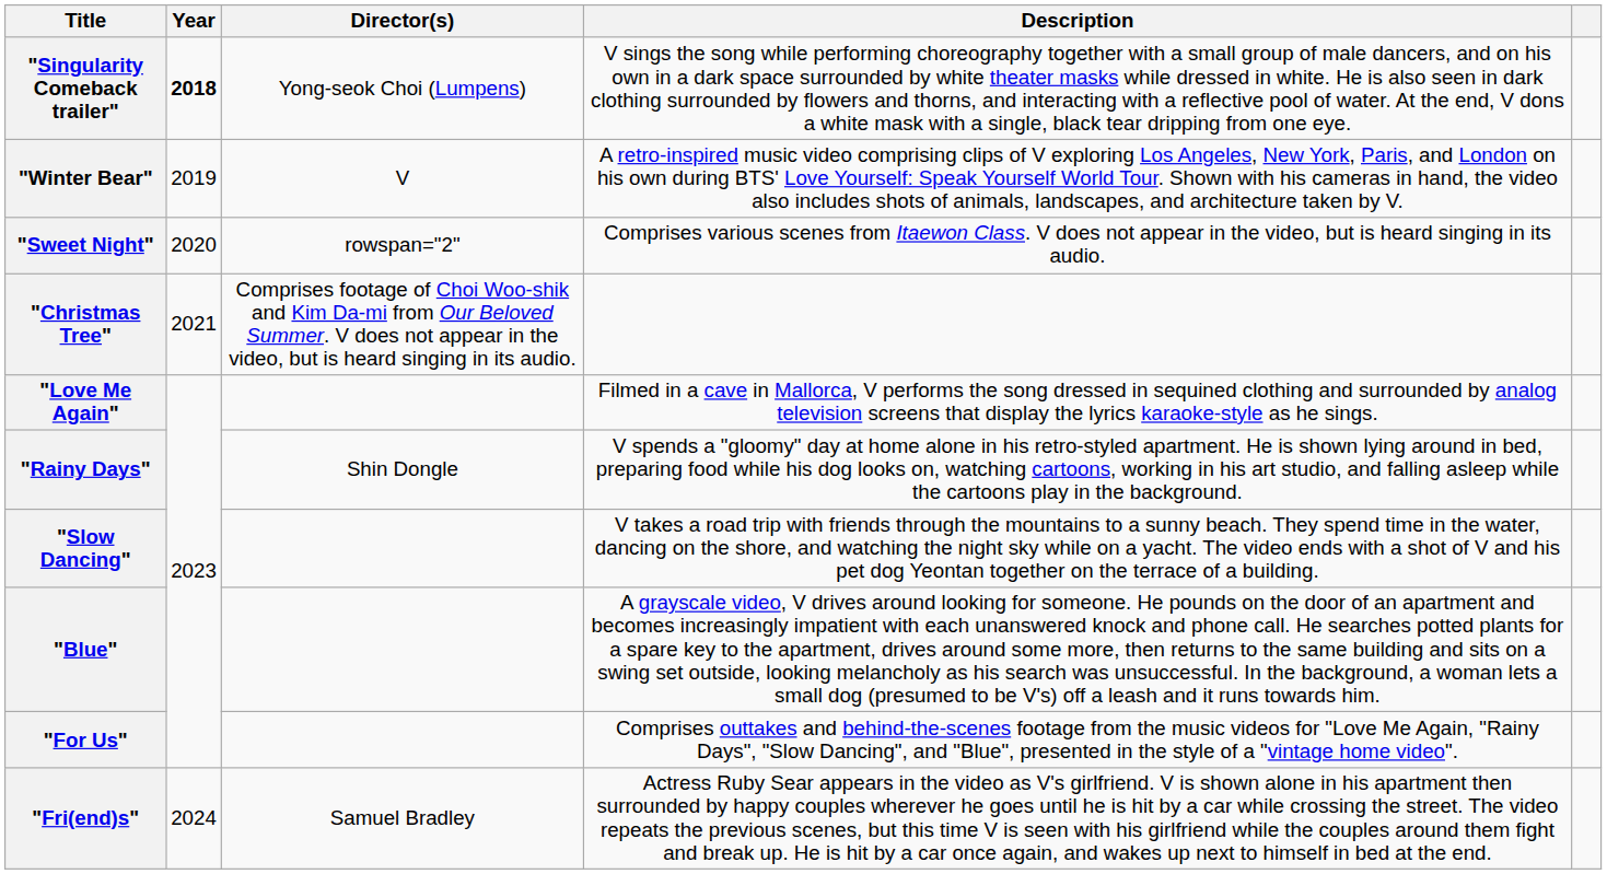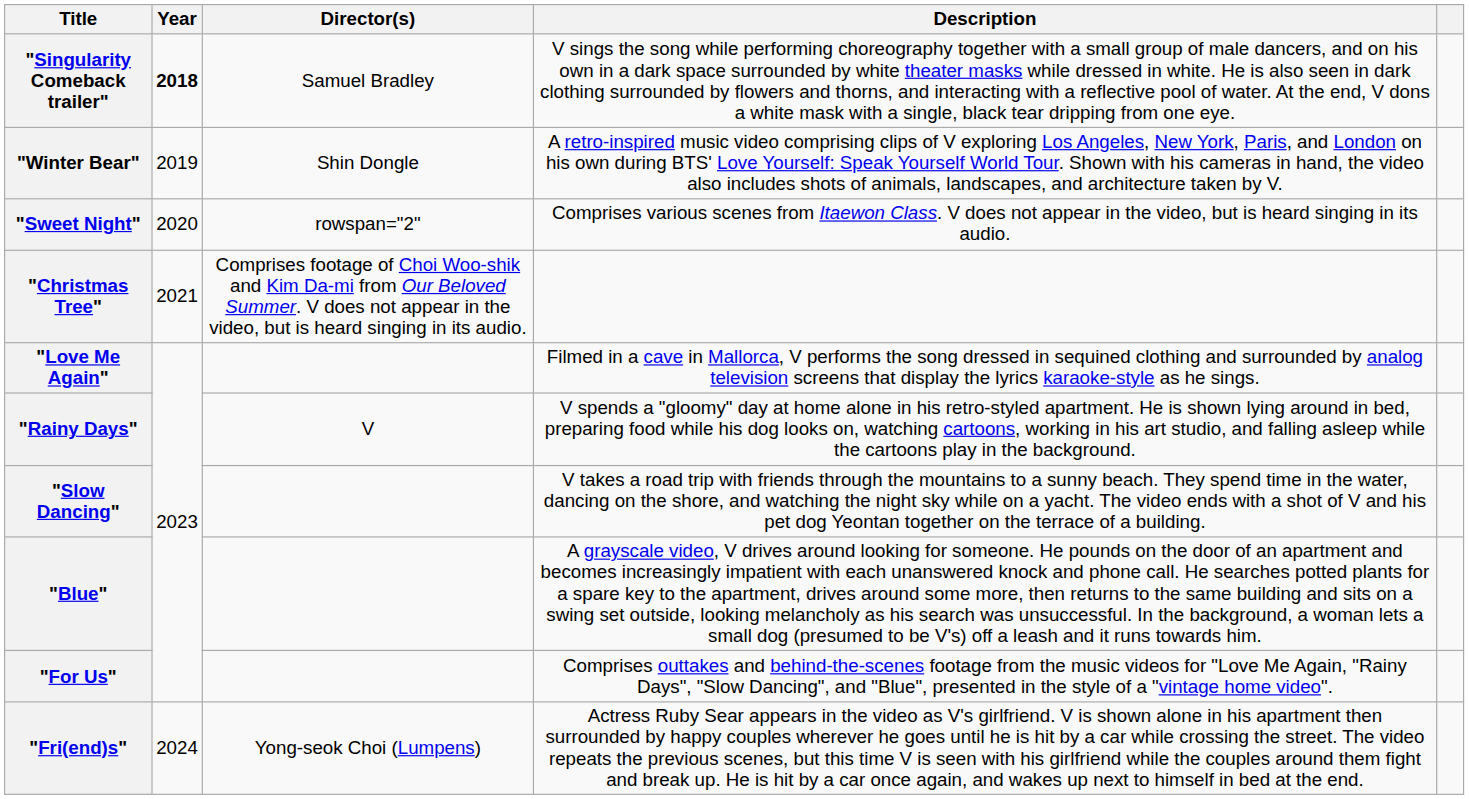 <table class="wikitable sortable plainrowheaders" style="text-align:center;">
 <tr>
 <th scope="col">Title</th>
 <th scope="col">Year</th>
 <th scope="col">Director(s)</th>
 <th scope="col">Description</th>
 <th scope="col" style="width:1em;"></th>
 </tr>
 <tr>
 <th scope="row">"<a href='#'>Singularity</a> Comeback trailer"</th>
 <td><strong>2018</strong></td>
-<td>Yong-seok Choi (<a href='#'>Lumpens</a>)</td>
+<td>Samuel Bradley</td>
 <td>V sings the song while performing choreography together with a small group of male dancers, and on his own in a dark space surrounded by white <a href='#'>theater masks</a> while dressed in white. He is also seen in dark clothing surrounded by flowers and thorns, and interacting with a reflective pool of water. At the end, V dons a white mask with a single, black tear dripping from one eye.</td>
 <td></td>
 </tr>
 <tr>
 <th scope="row">"Winter Bear"</th>
 <td>2019</td>
-<td>V</td>
+<td>Shin Dongle</td>
 <td>A <a href='#'>retro-inspired</a> music video comprising clips of V exploring <a href='#'>Los Angeles</a>, <a href='#'>New York</a>, <a href='#'>Paris</a>, and <a href='#'>London</a> on his own during BTS' <a href='#'>Love Yourself: Speak Yourself World Tour</a>. Shown with his cameras in hand, the video also includes shots of animals, landscapes, and architecture taken by V.</td>
 <td></td>
 </tr>
 <tr>
 <th scope="row">"<a href='#'>Sweet Night</a>"</th>
 <td>2020</td>
 <td>rowspan="2" </td>
 <td>Comprises various scenes from <em><a href='#'>Itaewon Class</a></em>. V does not appear in the video, but is heard singing in its audio.</td>
 <td></td>
 </tr>
 <tr>
 <th scope="row">"<a href='#'>Christmas Tree</a>"</th>
 <td>2021</td>
 <td>Comprises footage of <a href='#'>Choi Woo-shik</a> and <a href='#'>Kim Da-mi</a> from <em><a href='#'>Our Beloved Summer</a></em>. V does not appear in the video, but is heard singing in its audio.</td>
 <td></td>
 </tr>
 <tr>
 <th scope="row">"<a href='#'>Love Me Again</a>"</th>
 <td rowspan="5">2023</td>
 <td></td>
 <td>Filmed in a <a href='#'>cave</a> in <a href='#'>Mallorca</a>, V performs the song dressed in sequined clothing and surrounded by <a href='#'>analog television</a> screens that display the lyrics <a href='#'>karaoke-style</a> as he sings.</td>
 <td></td>
 </tr>
 <tr>
 <th scope="row">"<a href='#'>Rainy Days</a>"</th>
-<td>Shin Dongle</td>
+<td>V</td>
 <td>V spends a "gloomy" day at home alone in his retro-styled apartment. He is shown lying around in bed, preparing food while his dog looks on, watching <a href='#'>cartoons</a>, working in his art studio, and falling asleep while the cartoons play in the background.</td>
 <td></td>
 </tr>
 <tr>
 <th scope="row">"<a href='#'>Slow Dancing</a>"</th>
 <td></td>
 <td>V takes a road trip with friends through the mountains to a sunny beach. They spend time in the water, dancing on the shore, and watching the night sky while on a yacht. The video ends with a shot of V and his pet dog Yeontan together on the terrace of a building.</td>
 <td></td>
 </tr>
 <tr>
 <th scope="row">"<a href='#'>Blue</a>"</th>
 <td></td>
 <td>A <a href='#'>grayscale video</a>, V drives around looking for someone. He pounds on the door of an apartment and becomes increasingly impatient with each unanswered knock and phone call. He searches potted plants for a spare key to the apartment, drives around some more, then returns to the same building and sits on a swing set outside, looking melancholy as his search was unsuccessful. In the background, a woman lets a small dog (presumed to be V's) off a leash and it runs towards him.</td>
 <td></td>
 </tr>
 <tr>
 <th scope="row">"<a href='#'>For Us</a>"</th>
 <td></td>
 <td>Comprises <a href='#'>outtakes</a> and <a href='#'>behind-the-scenes</a> footage from the music videos for "Love Me Again, "Rainy Days", "Slow Dancing", and "Blue", presented in the style of a "<a href='#'>vintage home video</a>".</td>
 <td></td>
 </tr>
 <tr>
 <th scope="row">"<a href='#'>Fri(end)s</a>"</th>
 <td>2024</td>
-<td>Samuel Bradley</td>
+<td>Yong-seok Choi (<a href='#'>Lumpens</a>)</td>
 <td>Actress Ruby Sear appears in the video as V's girlfriend. V is shown alone in his apartment then surrounded by happy couples wherever he goes until he is hit by a car while crossing the street. The video repeats the previous scenes, but this time V is seen with his girlfriend while the couples around them fight and break up. He is hit by a car once again, and wakes up next to himself in bed at the end.</td>
 <td></td>
 </tr>
 </table>
